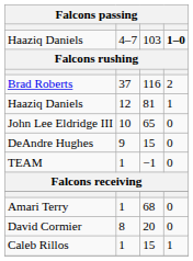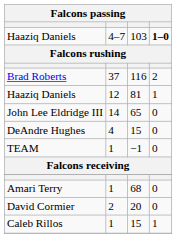 <table class="wikitable plainrowheaders">
 <tr>
 <th colspan="6">Falcons passing</th>
 </tr>
 <tr>
 <th scope="col"></th>
 <th scope="col"></th>
 <th scope="col"></th>
 <th scope="col"></th>
 </tr>
 <tr>
 <td>Haaziq Daniels</td>
 <td>4–7</td>
 <td>103</td>
 <td><strong>1–0</strong></td>
 </tr>
 <tr>
 <th colspan="6">Falcons rushing</th>
 </tr>
 <tr>
 <th scope="col"></th>
 <th scope="col"></th>
 <th scope="col"></th>
 <th scope="col"></th>
 </tr>
 <tr>
 <td><a href='#'>Brad Roberts</a></td>
 <td>37</td>
 <td>116</td>
 <td>2</td>
 </tr>
 <tr>
 <td>Haaziq Daniels</td>
 <td>12</td>
 <td>81</td>
 <td>1</td>
 </tr>
 <tr>
 <td>John Lee Eldridge III</td>
-<td>10</td>
+<td>14</td>
 <td>65</td>
 <td>0</td>
 </tr>
 <tr>
 <td>DeAndre Hughes</td>
-<td>9</td>
+<td>4</td>
 <td>15</td>
 <td>0</td>
 </tr>
 <tr>
 <td>TEAM</td>
 <td>1</td>
 <td>−1</td>
 <td>0</td>
 </tr>
 <tr>
 <th colspan="6">Falcons receiving</th>
 </tr>
 <tr>
 </tr>
 <tr>
 <th scope="col"></th>
 <th scope="col"></th>
 <th scope="col"></th>
 <th scope="col"></th>
 </tr>
 <tr>
 <td>Amari Terry</td>
 <td>1</td>
 <td>68</td>
 <td>0</td>
 </tr>
 <tr>
 <td>David Cormier</td>
-<td>8</td>
+<td>2</td>
 <td>20</td>
 <td>0</td>
 </tr>
 <tr>
 <td>Caleb Rillos</td>
 <td>1</td>
 <td>15</td>
 <td>1</td>
 </tr>
 <tr>
 </tr>
 </table>
